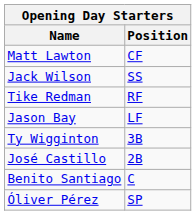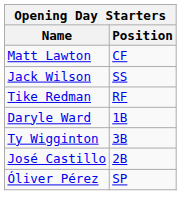 <table class="wikitable" style="text-align:left">
 <tr>
 <th colspan="2">Opening Day Starters</th>
 </tr>
 <tr>
 <th>Name</th>
 <th>Position</th>
 </tr>
 <tr>
 <td><a href='#'>Matt Lawton</a></td>
 <td><a href='#'>CF</a></td>
 </tr>
 <tr>
 <td><a href='#'>Jack Wilson</a></td>
 <td><a href='#'>SS</a></td>
 </tr>
 <tr>
 <td><a href='#'>Tike Redman</a></td>
 <td><a href='#'>RF</a></td>
 </tr>
 <tr>
-<td><a href='#'>Jason Bay</a></td>
-<td><a href='#'>LF</a></td>
+<td><a href='#'>Daryle Ward</a></td>
+<td><a href='#'>1B</a></td>
 </tr>
 <tr>
 <td><a href='#'>Ty Wigginton</a></td>
 <td><a href='#'>3B</a></td>
 </tr>
 <tr>
 <td><a href='#'>José Castillo</a></td>
 <td><a href='#'>2B</a></td>
 </tr>
 <tr>
-<td><a href='#'>Benito Santiago</a></td>
-<td><a href='#'>C</a></td>
-</tr>
-<tr>
 <td><a href='#'>Óliver Pérez</a></td>
 <td><a href='#'>SP</a></td>
 </tr>
 </table>
